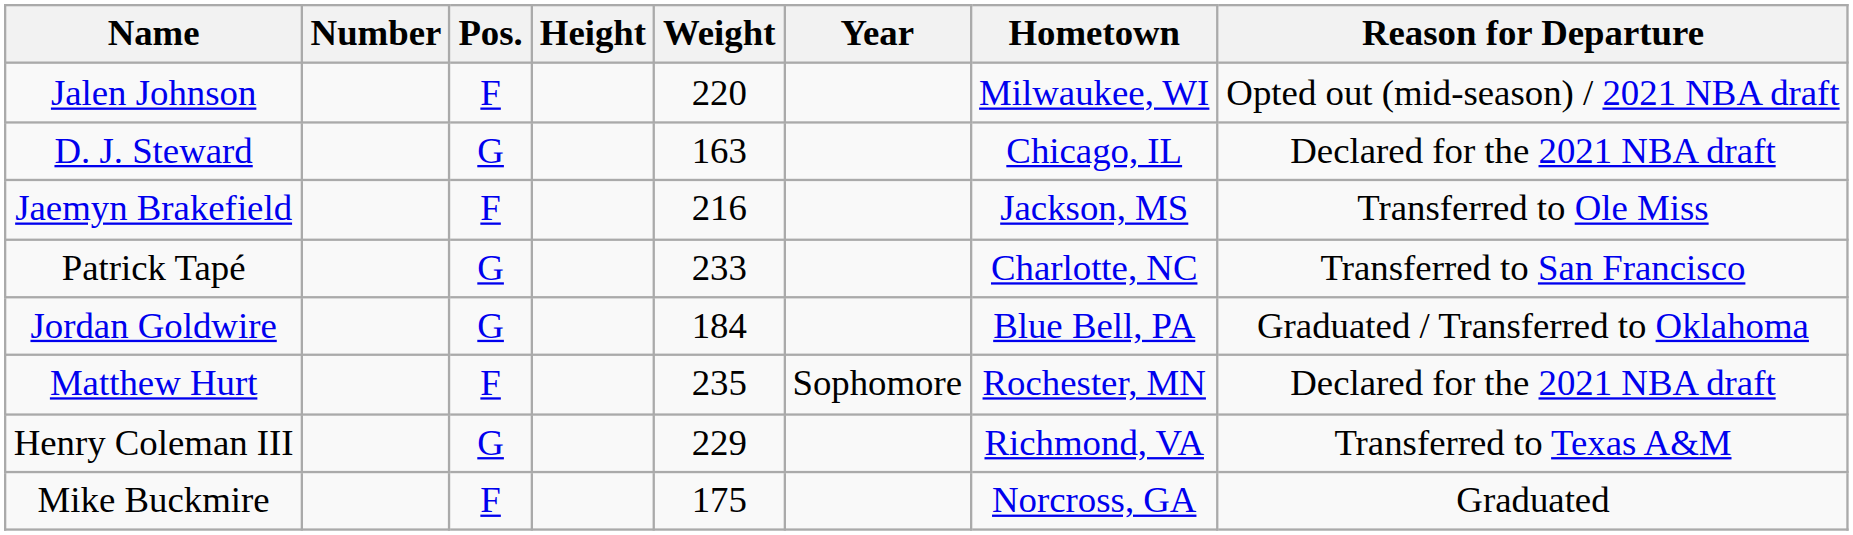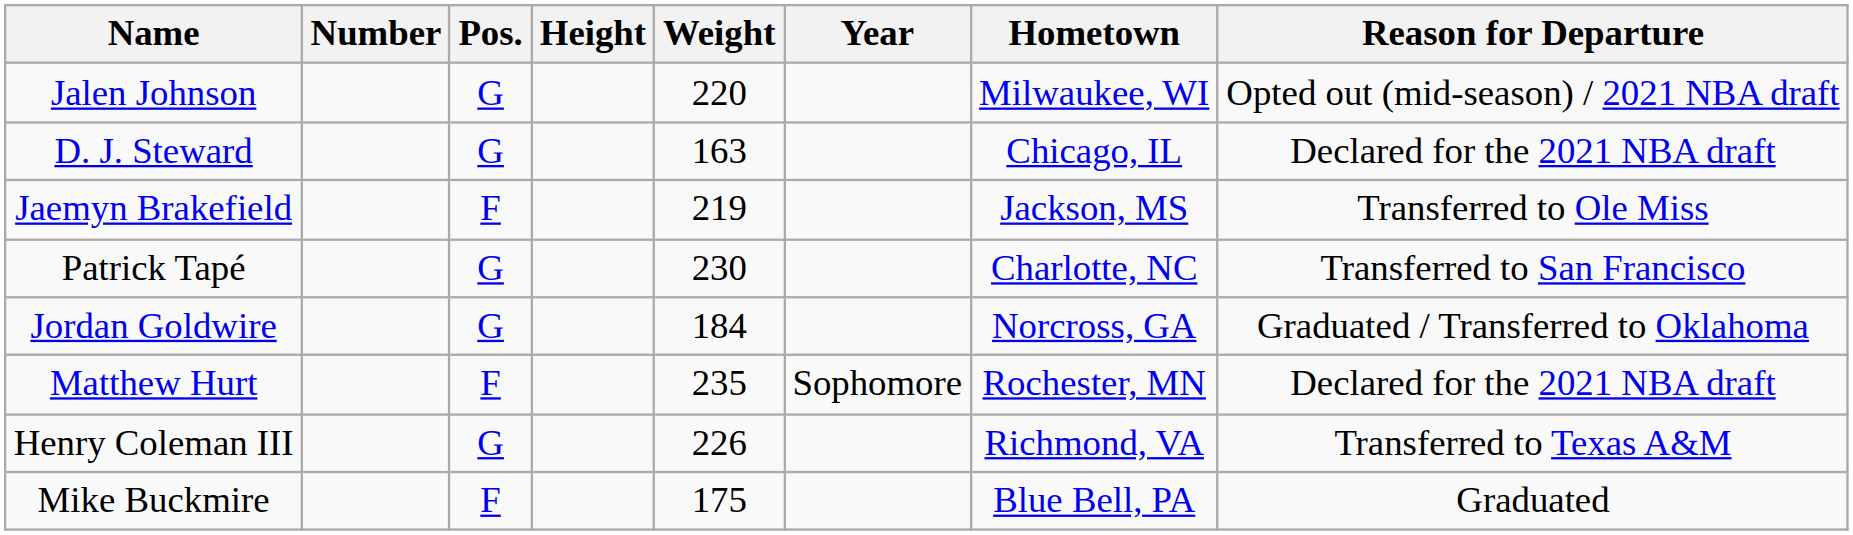 <table class="wikitable sortable sortable" style="text-align: center">
 <tr align=center>
 <th>Name</th>
 <th>Number</th>
 <th>Pos.</th>
 <th>Height</th>
 <th>Weight</th>
 <th>Year</th>
 <th>Hometown</th>
 <th>Reason for Departure</th>
 </tr>
 <tr>
 <td><a href='#'>Jalen Johnson</a></td>
 <td></td>
-<td><a href='#'>F</a></td>
+<td><a href='#'>G</a></td>
 <td></td>
 <td>220</td>
 <td></td>
 <td><a href='#'>Milwaukee, WI</a></td>
 <td>Opted out (mid-season) / <a href='#'>2021 NBA draft</a></td>
 </tr>
 <tr>
 <td><a href='#'>D. J. Steward</a></td>
 <td></td>
 <td><a href='#'>G</a></td>
 <td></td>
 <td>163</td>
 <td></td>
 <td><a href='#'>Chicago, IL</a></td>
 <td>Declared for the <a href='#'>2021 NBA draft</a></td>
 </tr>
 <tr>
 <td><a href='#'>Jaemyn Brakefield</a></td>
 <td></td>
 <td><a href='#'>F</a></td>
 <td></td>
-<td>216</td>
+<td>219</td>
 <td></td>
 <td><a href='#'>Jackson, MS</a></td>
 <td>Transferred to <a href='#'>Ole Miss</a></td>
 </tr>
 <tr>
 <td>Patrick Tapé</td>
 <td></td>
 <td><a href='#'>G</a></td>
 <td></td>
-<td>233</td>
+<td>230</td>
 <td></td>
 <td><a href='#'>Charlotte, NC</a></td>
 <td>Transferred to <a href='#'>San Francisco</a></td>
 </tr>
 <tr>
 <td><a href='#'>Jordan Goldwire</a></td>
 <td></td>
 <td><a href='#'>G</a></td>
 <td></td>
 <td>184</td>
 <td></td>
-<td><a href='#'>Blue Bell, PA</a></td>
+<td><a href='#'>Norcross, GA</a></td>
 <td>Graduated / Transferred to <a href='#'>Oklahoma</a></td>
 </tr>
 <tr>
 <td><a href='#'>Matthew Hurt</a></td>
 <td></td>
 <td><a href='#'>F</a></td>
 <td></td>
 <td>235</td>
 <td>Sophomore</td>
 <td><a href='#'>Rochester, MN</a></td>
 <td>Declared for the <a href='#'>2021 NBA draft</a></td>
 </tr>
 <tr>
 <td>Henry Coleman III</td>
 <td></td>
 <td><a href='#'>G</a></td>
 <td></td>
-<td>229</td>
+<td>226</td>
 <td></td>
 <td><a href='#'>Richmond, VA</a></td>
 <td>Transferred to <a href='#'>Texas A&M</a></td>
 </tr>
 <tr>
 <td>Mike Buckmire</td>
 <td></td>
 <td><a href='#'>F</a></td>
 <td></td>
 <td>175</td>
 <td></td>
-<td><a href='#'>Norcross, GA</a></td>
+<td><a href='#'>Blue Bell, PA</a></td>
 <td>Graduated</td>
 </tr>
 </table>
